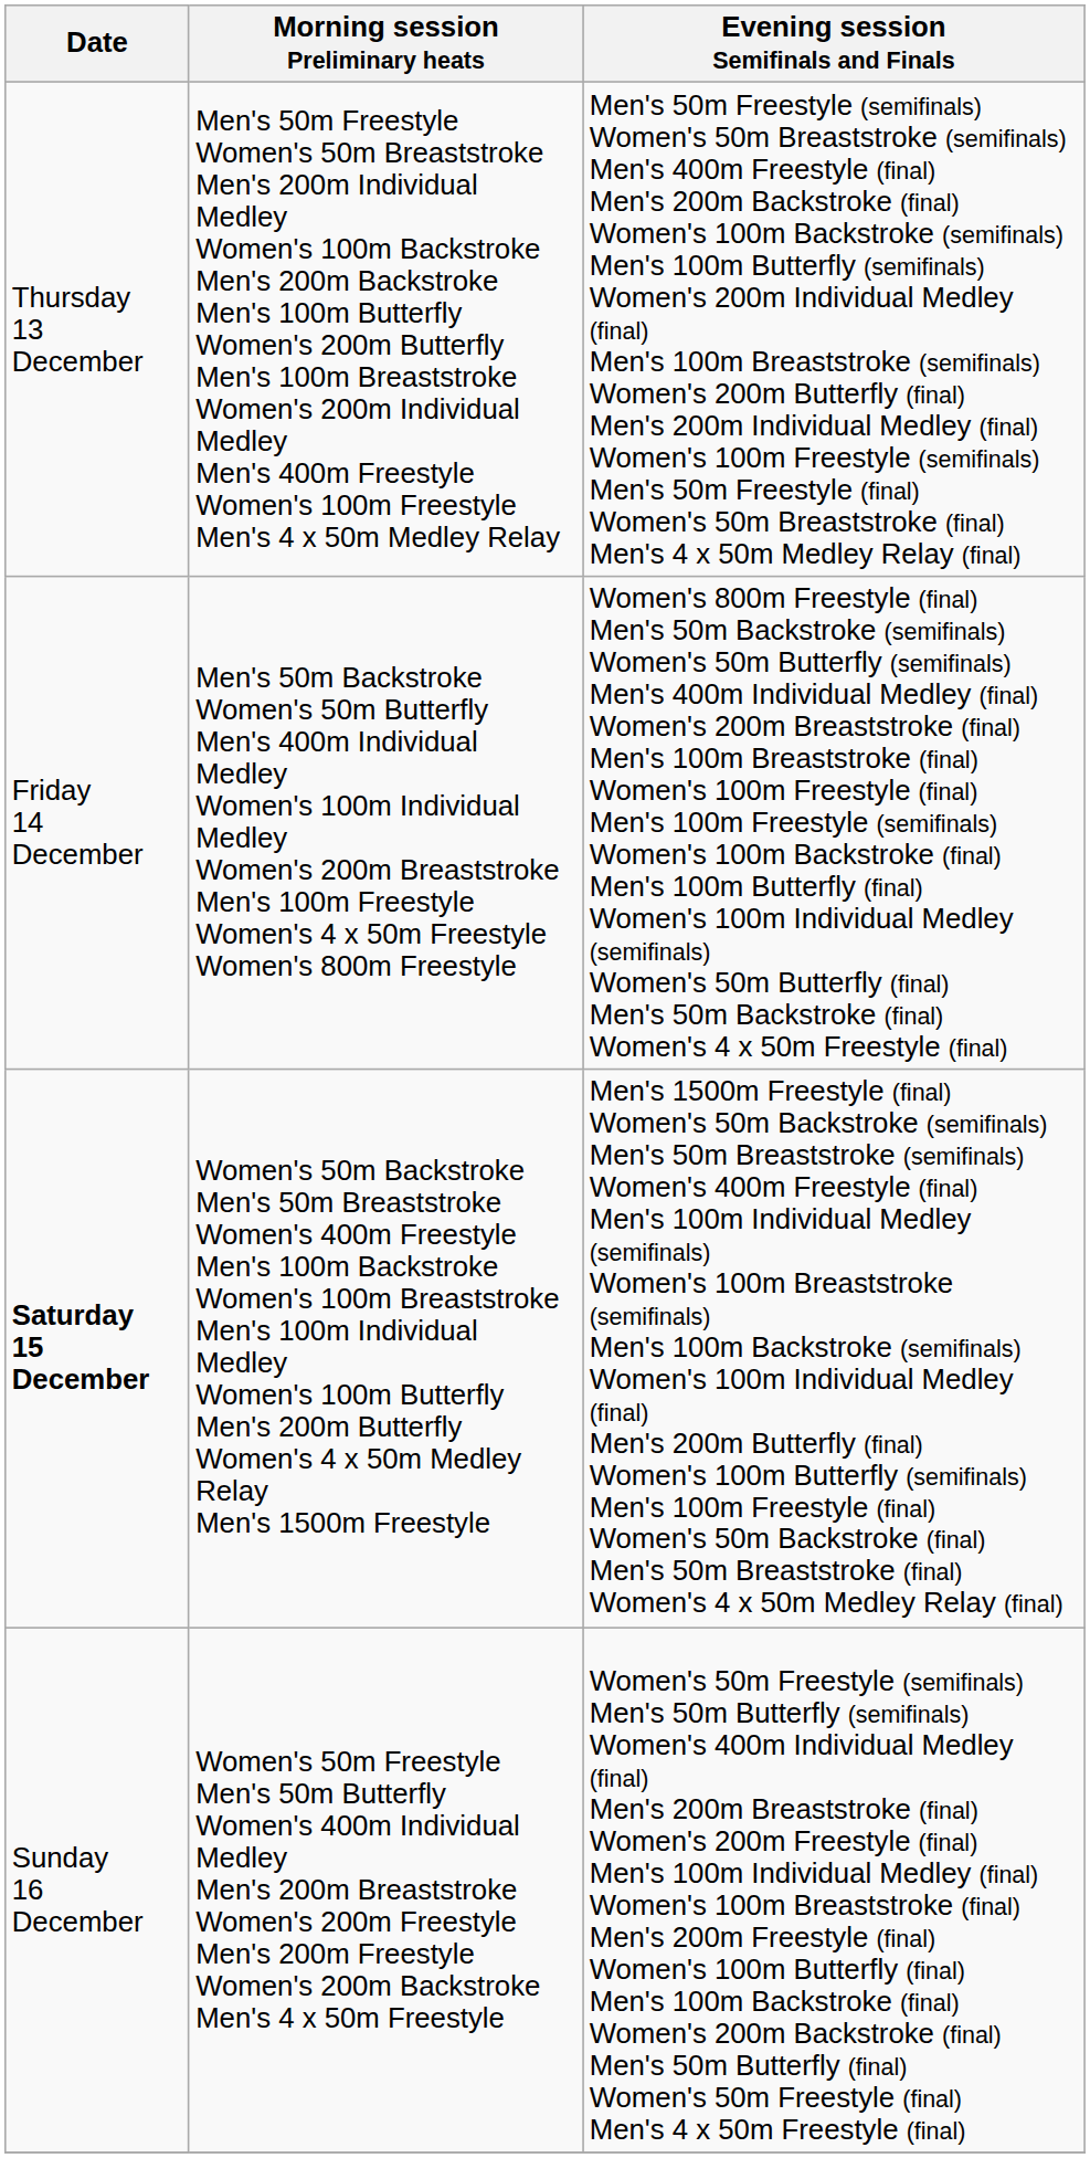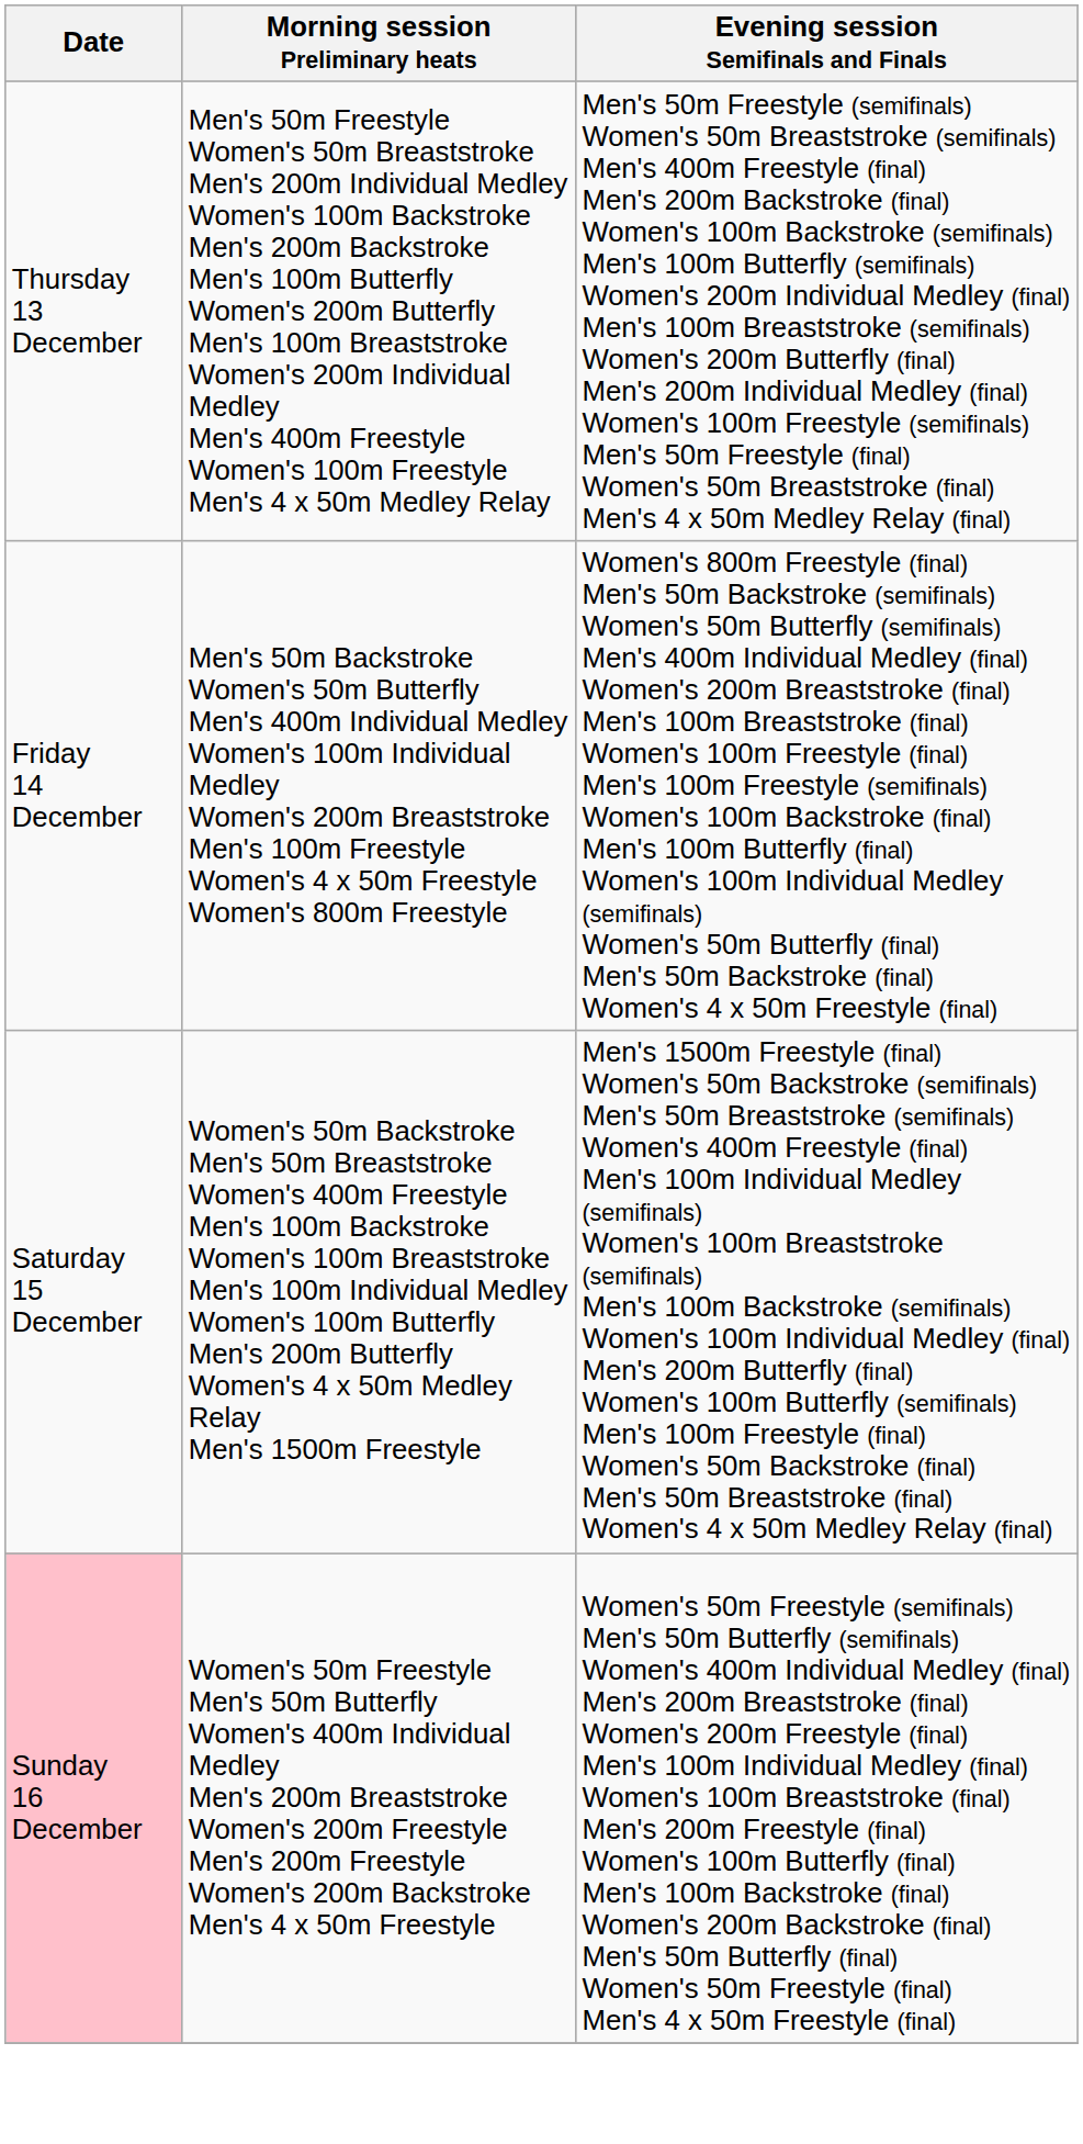 <table class=wikitable>
 <tr>
 <th>Date</th>
 <th>Morning session <br> <small> Preliminary heats</small></th>
 <th>Evening session <br> <small> Semifinals and Finals</small></th>
 </tr>
 <tr>
 <td>Thursday <br> 13 December</td>
 <td>Men's 50m Freestyle <br> Women's 50m Breaststroke <br> Men's 200m Individual Medley <br> Women's 100m Backstroke <br> Men's 200m Backstroke <br> Men's 100m Butterfly <br> Women's 200m Butterfly <br> Men's 100m Breaststroke <br> Women's 200m Individual Medley <br> Men's 400m Freestyle <br> Women's 100m Freestyle <br> Men's 4 x 50m Medley Relay</td>
 <td>Men's 50m Freestyle <small>(semifinals)</small> <br> Women's 50m Breaststroke <small>(semifinals)</small> <br> Men's 400m Freestyle <small>(final)</small> <br> Men's 200m Backstroke <small>(final)</small> <br> Women's 100m Backstroke <small>(semifinals)</small> <br> Men's 100m Butterfly <small>(semifinals)</small> <br> Women's 200m Individual Medley <small>(final)</small> <br> Men's 100m Breaststroke <small>(semifinals)</small> <br> Women's 200m Butterfly <small>(final)</small> <br> Men's 200m Individual Medley <small>(final)</small> <br> Women's 100m Freestyle <small>(semifinals)</small> <br> Men's 50m Freestyle <small>(final)</small> <br> Women's 50m Breaststroke <small>(final)</small> <br> Men's 4 x 50m Medley Relay <small>(final)</small></td>
 </tr>
 <tr>
 <td>Friday <br> 14 December</td>
 <td>Men's 50m Backstroke <br> Women's 50m Butterfly <br> Men's 400m Individual Medley <br> Women's 100m Individual Medley <br> Women's 200m Breaststroke <br> Men's 100m Freestyle <br> Women's 4 x 50m Freestyle <br> Women's 800m Freestyle</td>
 <td>Women's 800m Freestyle <small>(final)</small> <br> Men's 50m Backstroke <small>(semifinals)</small> <br> Women's 50m Butterfly <small>(semifinals)</small> <br> Men's 400m Individual Medley <small>(final)</small> <br> Women's 200m Breaststroke <small>(final)</small> <br> Men's 100m Breaststroke <small>(final)</small> <br> Women's 100m Freestyle <small>(final)</small> <br> Men's 100m Freestyle <small>(semifinals)</small> <br> Women's 100m Backstroke <small>(final)</small> <br> Men's 100m Butterfly <small>(final)</small> <br> Women's 100m Individual Medley <small>(semifinals)</small> <br> Women's 50m Butterfly <small>(final)</small> <br> Men's 50m Backstroke <small>(final)</small> <br> Women's 4 x 50m Freestyle <small>(final)</small></td>
 </tr>
 <tr>
-<td><strong>Saturday <br> 15 December</strong></td>
+<td>Saturday <br> 15 December</td>
 <td>Women's 50m Backstroke <br> Men's 50m Breaststroke <br> Women's 400m Freestyle <br> Men's 100m Backstroke <br> Women's 100m Breaststroke <br> Men's 100m Individual Medley <br> Women's 100m Butterfly <br> Men's 200m Butterfly <br> Women's 4 x 50m Medley Relay <br> Men's 1500m Freestyle</td>
 <td>Men's 1500m Freestyle <small>(final)</small> <br> Women's 50m Backstroke <small>(semifinals)</small> <br> Men's 50m Breaststroke <small>(semifinals)</small> <br> Women's 400m Freestyle <small>(final)</small> <br> Men's 100m Individual Medley <small>(semifinals)</small> <br> Women's 100m Breaststroke <small>(semifinals)</small> <br> Men's 100m Backstroke <small>(semifinals)</small> <br> Women's 100m Individual Medley <small>(final)</small> <br> Men's 200m Butterfly <small>(final)</small> <br> Women's 100m Butterfly <small>(semifinals)</small> <br> Men's 100m Freestyle <small>(final)</small> <br> Women's 50m Backstroke <small>(final)</small> <br> Men's 50m Breaststroke <small>(final)</small> <br> Women's 4 x 50m Medley Relay <small>(final)</small></td>
 </tr>
 <tr>
-<td>Sunday <br> 16 December</td>
+<td style="background: pink;">Sunday <br> 16 December</td>
 <td>Women's 50m Freestyle <br>  Men's 50m Butterfly <br> Women's 400m Individual Medley <br> Men's 200m Breaststroke <br> Women's 200m Freestyle <br> Men's 200m Freestyle <br> Women's 200m Backstroke <br> Men's 4 x 50m Freestyle</td>
 <td><br>Women's 50m Freestyle <small>(semifinals)</small> <br> Men's 50m Butterfly <small>(semifinals)</small> <br> Women's 400m Individual Medley <small>(final)</small> <br> Men's 200m Breaststroke <small>(final)</small> <br> Women's 200m Freestyle <small>(final)</small> <br> Men's 100m Individual Medley <small>(final)</small> <br> Women's 100m Breaststroke <small>(final)</small> <br> Men's 200m Freestyle <small>(final)</small> <br> Women's 100m Butterfly <small>(final)</small> <br> Men's 100m Backstroke <small>(final)</small> <br> Women's 200m Backstroke <small>(final)</small> <br> Men's 50m Butterfly <small>(final)</small> <br> Women's 50m Freestyle <small>(final)</small> <br> Men's 4 x 50m Freestyle <small>(final)</small></td>
 </tr>
 <tr>
 </tr>
 </table>
